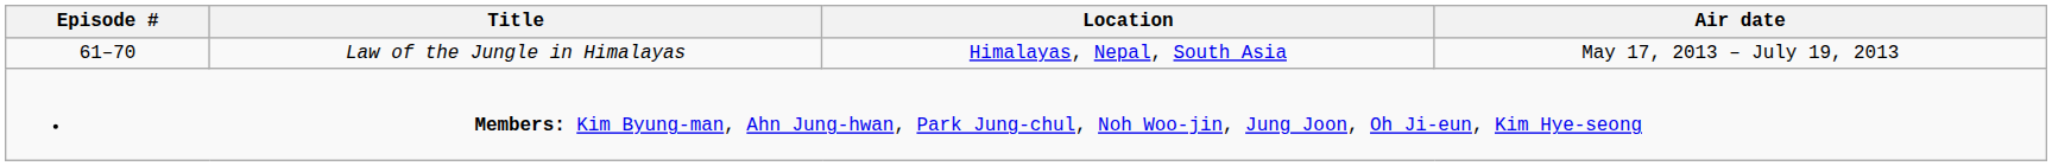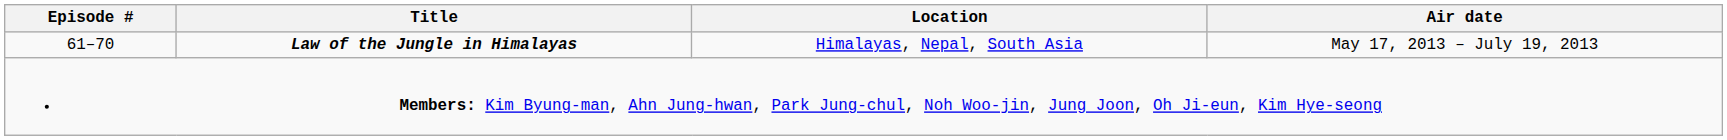 <table class="wikitable" style="text-align:center; font-size:90%; width:100%;">
 <tr>
 <th width="10%">Episode #</th>
 <th width="30%">Title</th>
 <th width="30%">Location</th>
 <th width="30%">Air date</th>
 </tr>
 <tr>
 <td>61–70</td>
-<td><em>Law of the Jungle in Himalayas</em></td>
+<td><strong><em>Law of the Jungle in Himalayas</em></strong></td>
 <td><a href='#'>Himalayas</a>, <a href='#'>Nepal</a>, <a href='#'>South Asia</a></td>
 <td>May 17, 2013 – July 19, 2013</td>
 </tr>
 <tr>
 <td colspan="4"><br><ul><li><strong>Members:</strong> <a href='#'>Kim Byung-man</a>, <a href='#'>Ahn Jung-hwan</a>, <a href='#'>Park Jung-chul</a>, <a href='#'>Noh Woo-jin</a>, <a href='#'>Jung Joon</a>, <a href='#'>Oh Ji-eun</a>, <a href='#'>Kim Hye-seong</a></li></ul></td>
 </tr>
 </table>
